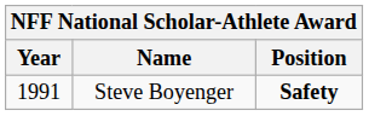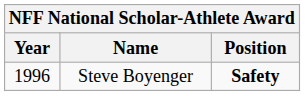 <table class="wikitable">
 <tr align="center">
 <th colspan=5>NFF National Scholar-Athlete Award</th>
 </tr>
 <tr>
 <th>Year</th>
 <th>Name</th>
 <th>Position</th>
 </tr>
 <tr align="center" bgcolor="">
-<td>1991</td>
+<td>1996</td>
 <td>Steve Boyenger</td>
 <td><strong>Safety</strong></td>
 </tr>
 </table>
